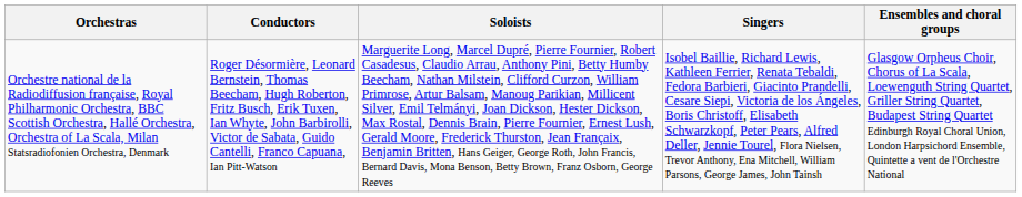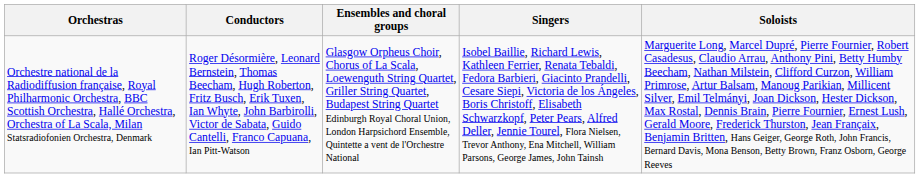 <table class="wikitable toptextcells">
 <tr class="hintergrundfarbe5">
 <th style="width:20%;">Orchestras</th>
 <th style="width:15%;">Conductors</th>
+<th style="width:15%;">Ensembles and choral groups</th>
+<th style="width:20%;">Singers</th>
 <th style="width:30%;">Soloists</th>
-<th style="width:20%;">Singers</th>
-<th style="width:15%;">Ensembles and choral groups</th>
 </tr>
 <tr>
 <td><a href='#'>Orchestre national de la Radiodiffusion française</a>, <a href='#'>Royal Philharmonic Orchestra</a>, <a href='#'>BBC Scottish Orchestra</a>, <a href='#'>Hallé Orchestra</a>, <a href='#'>Orchestra of La Scala, Milan</a> <small>Statsradiofonien Orchestra, Denmark</small></td>
 <td><a href='#'>Roger Désormière</a>, <a href='#'>Leonard Bernstein</a>, <a href='#'>Thomas Beecham</a>, <a href='#'>Hugh Roberton</a>, <a href='#'>Fritz Busch</a>, <a href='#'>Erik Tuxen</a>, <a href='#'>Ian Whyte</a>, <a href='#'>John Barbirolli</a>, <a href='#'>Victor de Sabata</a>, <a href='#'>Guido Cantelli</a>, <a href='#'>Franco Capuana</a>, <small>Ian Pitt-Watson</small></td>
+<td><a href='#'>Glasgow Orpheus Choir</a>, <a href='#'>Chorus of La Scala</a>, <a href='#'>Loewenguth String Quartet</a>, <a href='#'>Griller String Quartet</a>, <a href='#'>Budapest String Quartet</a> <small>Edinburgh Royal Choral Union, London Harpsichord Ensemble, Quintette a vent de l'Orchestre National</small></td>
+<td><a href='#'>Isobel Baillie</a>, <a href='#'>Richard Lewis</a>, <a href='#'>Kathleen Ferrier</a>, <a href='#'>Renata Tebaldi</a>, <a href='#'>Fedora Barbieri</a>, <a href='#'>Giacinto Prandelli</a>, <a href='#'>Cesare Siepi</a>, <a href='#'>Victoria de los Ángeles</a>, <a href='#'>Boris Christoff</a>, <a href='#'>Elisabeth Schwarzkopf</a>, <a href='#'>Peter Pears</a>, <a href='#'>Alfred Deller</a>, <a href='#'>Jennie Tourel</a>, <small>Flora Nielsen, Trevor Anthony, Ena Mitchell, William Parsons, George James, John Tainsh</small></td>
 <td><a href='#'>Marguerite Long</a>, <a href='#'>Marcel Dupré</a>, <a href='#'>Pierre Fournier</a>, <a href='#'>Robert Casadesus</a>, <a href='#'>Claudio Arrau</a>, <a href='#'>Anthony Pini</a>, <a href='#'>Betty Humby Beecham</a>, <a href='#'>Nathan Milstein</a>, <a href='#'>Clifford Curzon</a>, <a href='#'>William Primrose</a>, <a href='#'>Artur Balsam</a>, <a href='#'>Manoug Parikian</a>, <a href='#'>Millicent Silver</a>, <a href='#'>Emil Telmányi</a>, <a href='#'>Joan Dickson</a>, <a href='#'>Hester Dickson</a>, <a href='#'>Max Rostal</a>, <a href='#'>Dennis Brain</a>, <a href='#'>Pierre Fournier</a>, <a href='#'>Ernest Lush</a>, <a href='#'>Gerald Moore</a>, <a href='#'>Frederick Thurston</a>, <a href='#'>Jean Françaix</a>, <a href='#'>Benjamin Britten</a>, <small>Hans Geiger, George Roth, John Francis, Bernard Davis, Mona Benson, Betty Brown, Franz Osborn, George Reeves</small></td>
-<td><a href='#'>Isobel Baillie</a>, <a href='#'>Richard Lewis</a>, <a href='#'>Kathleen Ferrier</a>, <a href='#'>Renata Tebaldi</a>, <a href='#'>Fedora Barbieri</a>, <a href='#'>Giacinto Prandelli</a>, <a href='#'>Cesare Siepi</a>, <a href='#'>Victoria de los Ángeles</a>, <a href='#'>Boris Christoff</a>, <a href='#'>Elisabeth Schwarzkopf</a>, <a href='#'>Peter Pears</a>, <a href='#'>Alfred Deller</a>, <a href='#'>Jennie Tourel</a>, <small>Flora Nielsen, Trevor Anthony, Ena Mitchell, William Parsons, George James, John Tainsh</small></td>
-<td><a href='#'>Glasgow Orpheus Choir</a>, <a href='#'>Chorus of La Scala</a>, <a href='#'>Loewenguth String Quartet</a>, <a href='#'>Griller String Quartet</a>, <a href='#'>Budapest String Quartet</a> <small>Edinburgh Royal Choral Union, London Harpsichord Ensemble, Quintette a vent de l'Orchestre National</small></td>
 </tr>
 </table>
